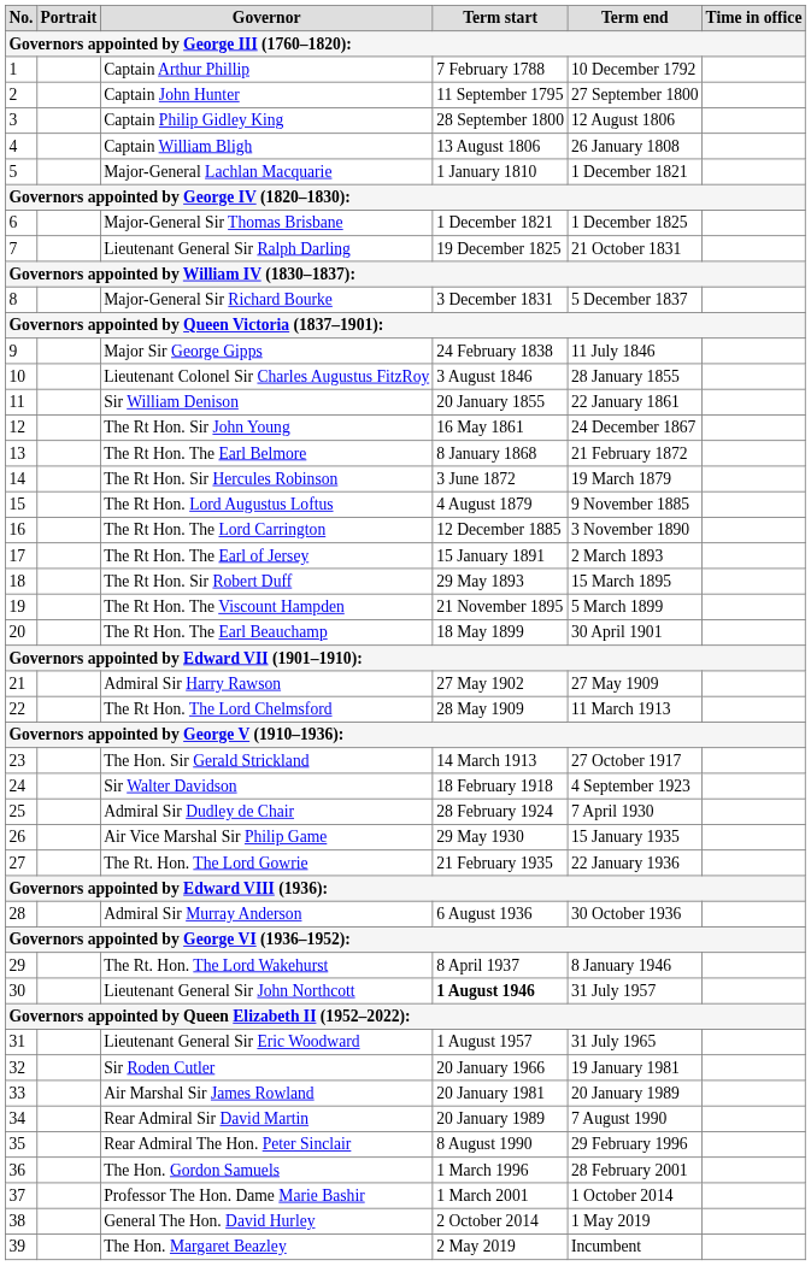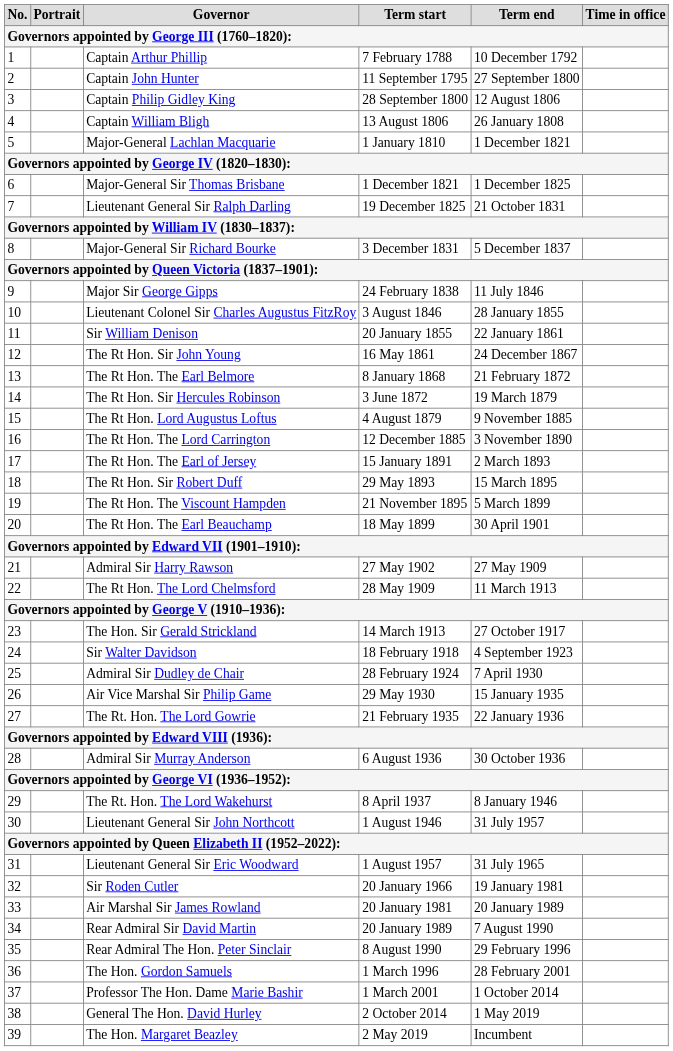 <table border="1" cellpadding="3" style="border-collapse:collapse;">
 <tr bgcolor=#dedede>
 <th>No.</th>
 <th>Portrait</th>
 <th>Governor</th>
 <th>Term start</th>
 <th>Term end</th>
 <th>Time in office</th>
 </tr>
 <tr bgcolor="#F5F5F5">
 <th colspan="9" align="left"><span>Governors appointed by <a href='#'>George III</a> (1760–1820):</span></th>
 </tr>
 <tr>
 <td>1</td>
 <td></td>
 <td>Captain <a href='#'>Arthur Phillip</a> </td>
 <td>7 February 1788</td>
 <td>10 December 1792</td>
 <td></td>
 </tr>
 <tr>
 <td>2</td>
 <td></td>
 <td>Captain <a href='#'>John Hunter</a> </td>
 <td>11 September 1795</td>
 <td>27 September 1800</td>
 <td></td>
 </tr>
 <tr>
 <td>3</td>
 <td></td>
 <td>Captain <a href='#'>Philip Gidley King</a> </td>
 <td>28 September 1800</td>
 <td>12 August 1806</td>
 <td></td>
 </tr>
 <tr>
 <td>4</td>
 <td></td>
 <td>Captain <a href='#'>William Bligh</a> </td>
 <td>13 August 1806</td>
 <td>26 January 1808</td>
 <td></td>
 </tr>
 <tr>
 <td>5</td>
 <td></td>
 <td>Major-General <a href='#'>Lachlan Macquarie</a> </td>
 <td>1 January 1810</td>
 <td>1 December 1821</td>
 <td></td>
 </tr>
 <tr bgcolor="#F5F5F5">
 <th colspan="9" align="left"><span>Governors appointed by <a href='#'>George IV</a> (1820–1830):</span></th>
 </tr>
 <tr>
 <td>6</td>
 <td></td>
 <td>Major-General Sir <a href='#'>Thomas Brisbane</a> </td>
 <td>1 December 1821</td>
 <td>1 December 1825</td>
 <td></td>
 </tr>
 <tr>
 <td>7</td>
 <td></td>
 <td>Lieutenant General Sir <a href='#'>Ralph Darling</a> </td>
 <td>19 December 1825</td>
 <td>21 October 1831</td>
 <td></td>
 </tr>
 <tr bgcolor="#F5F5F5">
 <th colspan="9" align="left"><span>Governors appointed by <a href='#'>William IV</a> (1830–1837):</span></th>
 </tr>
 <tr>
 <td>8</td>
 <td></td>
 <td>Major-General Sir <a href='#'>Richard Bourke</a> </td>
 <td>3 December 1831</td>
 <td>5 December 1837</td>
 <td></td>
 </tr>
 <tr bgcolor="#F5F5F5">
 <th colspan="9" align="left"><span>Governors appointed by <a href='#'>Queen Victoria</a> (1837–1901):</span></th>
 </tr>
 <tr>
 <td>9</td>
 <td></td>
 <td>Major Sir <a href='#'>George Gipps</a></td>
 <td>24 February 1838</td>
 <td>11 July 1846</td>
 <td></td>
 </tr>
 <tr>
 <td>10</td>
 <td></td>
 <td>Lieutenant Colonel Sir <a href='#'>Charles Augustus FitzRoy</a> </td>
 <td>3 August 1846</td>
 <td>28 January 1855</td>
 <td></td>
 </tr>
 <tr>
 <td>11</td>
 <td></td>
 <td>Sir <a href='#'>William Denison</a> </td>
 <td>20 January 1855</td>
 <td>22 January 1861</td>
 <td></td>
 </tr>
 <tr>
 <td>12</td>
 <td></td>
 <td>The Rt Hon. Sir <a href='#'>John Young</a> </td>
 <td>16 May 1861</td>
 <td>24 December 1867</td>
 <td></td>
 </tr>
 <tr>
 <td>13</td>
 <td></td>
 <td>The Rt Hon. The <a href='#'>Earl Belmore</a> </td>
 <td>8 January 1868</td>
 <td>21 February 1872</td>
 <td></td>
 </tr>
 <tr>
 <td>14</td>
 <td></td>
 <td>The Rt Hon. Sir <a href='#'>Hercules Robinson</a> </td>
 <td>3 June 1872</td>
 <td>19 March 1879</td>
 <td></td>
 </tr>
 <tr>
 <td>15</td>
 <td></td>
 <td>The Rt Hon. <a href='#'>Lord Augustus Loftus</a> </td>
 <td>4 August 1879</td>
 <td>9 November 1885</td>
 <td></td>
 </tr>
 <tr>
 <td>16</td>
 <td></td>
 <td>The Rt Hon. The <a href='#'>Lord Carrington</a> </td>
 <td>12 December 1885</td>
 <td>3 November 1890</td>
 <td></td>
 </tr>
 <tr>
 <td>17</td>
 <td></td>
 <td>The Rt Hon. The <a href='#'>Earl of Jersey</a> </td>
 <td>15 January 1891</td>
 <td>2 March 1893</td>
 <td></td>
 </tr>
 <tr>
 <td>18</td>
 <td></td>
 <td>The Rt Hon. Sir <a href='#'>Robert Duff</a> </td>
 <td>29 May 1893</td>
 <td>15 March 1895</td>
 <td></td>
 </tr>
 <tr>
 <td>19</td>
 <td></td>
 <td>The Rt Hon. The <a href='#'>Viscount Hampden</a> </td>
 <td>21 November 1895</td>
 <td>5 March 1899</td>
 <td></td>
 </tr>
 <tr>
 <td>20</td>
 <td></td>
 <td>The Rt Hon. The <a href='#'>Earl Beauchamp</a> </td>
 <td>18 May 1899</td>
 <td>30 April 1901</td>
 <td></td>
 </tr>
 <tr bgcolor="#F5F5F5">
 <th colspan="9" align="left"><span>Governors appointed by <a href='#'>Edward VII</a> (1901–1910):</span></th>
 </tr>
 <tr>
 <td>21</td>
 <td></td>
 <td>Admiral Sir <a href='#'>Harry Rawson</a> </td>
 <td>27 May 1902</td>
 <td>27 May 1909</td>
 <td></td>
 </tr>
 <tr>
 <td>22</td>
 <td></td>
 <td>The Rt Hon. <a href='#'>The Lord Chelmsford</a> </td>
 <td>28 May 1909</td>
 <td>11 March 1913</td>
 <td></td>
 </tr>
 <tr bgcolor="#F5F5F5">
 <th colspan="9" align="left"><span>Governors appointed by <a href='#'>George V</a> (1910–1936):</span></th>
 </tr>
 <tr>
 <td>23</td>
 <td></td>
 <td>The Hon. Sir <a href='#'>Gerald Strickland</a> </td>
 <td>14 March 1913</td>
 <td>27 October 1917</td>
 <td></td>
 </tr>
 <tr>
 <td>24</td>
 <td></td>
 <td>Sir <a href='#'>Walter Davidson</a> </td>
 <td>18 February 1918</td>
 <td>4 September 1923</td>
 <td></td>
 </tr>
 <tr>
 <td>25</td>
 <td></td>
 <td>Admiral Sir <a href='#'>Dudley de Chair</a> </td>
 <td>28 February 1924</td>
 <td>7 April 1930</td>
 <td></td>
 </tr>
 <tr>
 <td>26</td>
 <td></td>
 <td>Air Vice Marshal Sir <a href='#'>Philip Game</a> </td>
 <td>29 May 1930</td>
 <td>15 January 1935</td>
 <td></td>
 </tr>
 <tr>
 <td>27</td>
 <td></td>
 <td>The Rt. Hon. <a href='#'>The Lord Gowrie</a> </td>
 <td>21 February 1935</td>
 <td>22 January 1936</td>
 <td></td>
 </tr>
 <tr bgcolor="#F5F5F5">
 <th colspan="9" align="left"><span>Governors appointed by <a href='#'>Edward VIII</a> (1936):</span></th>
 </tr>
 <tr>
 <td>28</td>
 <td></td>
 <td>Admiral Sir <a href='#'>Murray Anderson</a> </td>
 <td>6 August 1936</td>
 <td>30 October 1936</td>
 <td></td>
 </tr>
 <tr bgcolor="#F5F5F5">
 <th colspan="9" align="left"><span>Governors appointed by <a href='#'>George VI</a> (1936–1952):</span></th>
 </tr>
 <tr>
 <td>29</td>
 <td></td>
 <td>The Rt. Hon. <a href='#'>The Lord Wakehurst</a> </td>
 <td>8 April 1937</td>
 <td>8 January 1946</td>
 <td></td>
 </tr>
 <tr>
 <td>30</td>
 <td></td>
 <td>Lieutenant General Sir <a href='#'>John Northcott</a> </td>
-<td><strong>1 August 1946</strong></td>
+<td>1 August 1946</td>
 <td>31 July 1957</td>
 <td></td>
 </tr>
 <tr bgcolor="#F5F5F5">
 <th colspan="9" align="left"><span>Governors appointed by Queen <a href='#'>Elizabeth II</a> (1952–2022):</span></th>
 </tr>
 <tr>
 <td>31</td>
 <td></td>
 <td>Lieutenant General Sir <a href='#'>Eric Woodward</a> </td>
 <td>1 August 1957</td>
 <td>31 July 1965</td>
 <td></td>
 </tr>
 <tr>
 <td>32</td>
 <td></td>
 <td>Sir <a href='#'>Roden Cutler</a> </td>
 <td>20 January 1966</td>
 <td>19 January 1981</td>
 <td><strong></strong></td>
 </tr>
 <tr>
 <td>33</td>
 <td></td>
 <td>Air Marshal Sir <a href='#'>James Rowland</a> </td>
 <td>20 January 1981</td>
 <td>20 January 1989</td>
 <td></td>
 </tr>
 <tr>
 <td>34</td>
 <td></td>
 <td>Rear Admiral Sir <a href='#'>David Martin</a> </td>
 <td>20 January 1989</td>
 <td>7 August 1990</td>
 <td></td>
 </tr>
 <tr>
 <td>35</td>
 <td></td>
 <td>Rear Admiral The Hon. <a href='#'>Peter Sinclair</a> </td>
 <td>8 August 1990</td>
 <td>29 February 1996</td>
 <td></td>
 </tr>
 <tr>
 <td>36</td>
 <td></td>
 <td>The Hon. <a href='#'>Gordon Samuels</a> </td>
 <td>1 March 1996</td>
 <td>28 February 2001</td>
 <td></td>
 </tr>
 <tr>
 <td>37</td>
 <td></td>
 <td>Professor The Hon. Dame <a href='#'>Marie Bashir</a> </td>
 <td>1 March 2001</td>
 <td>1 October 2014</td>
 <td></td>
 </tr>
 <tr>
 <td>38</td>
 <td></td>
 <td>General The Hon.  <a href='#'>David Hurley</a>   </td>
 <td>2 October 2014</td>
 <td>1 May 2019</td>
 <td></td>
 </tr>
 <tr>
 <td>39</td>
 <td></td>
 <td>The Hon.  <a href='#'>Margaret Beazley</a> </td>
 <td>2 May 2019</td>
 <td>Incumbent</td>
 <td></td>
 </tr>
 </table>
